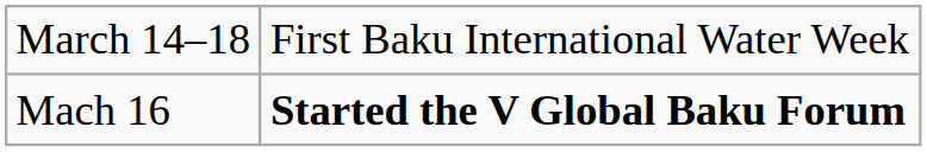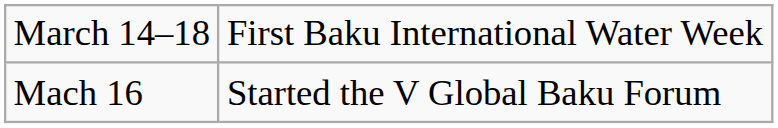 <table class="wikitable">
 <tr>
 <td>March 14–18</td>
 <td>First Baku International Water Week </td>
 </tr>
 <tr>
 <td>Mach 16</td>
-<td><strong>Started the V Global Baku Forum </strong></td>
+<td>Started the V Global Baku Forum </td>
 </tr>
 </table>
